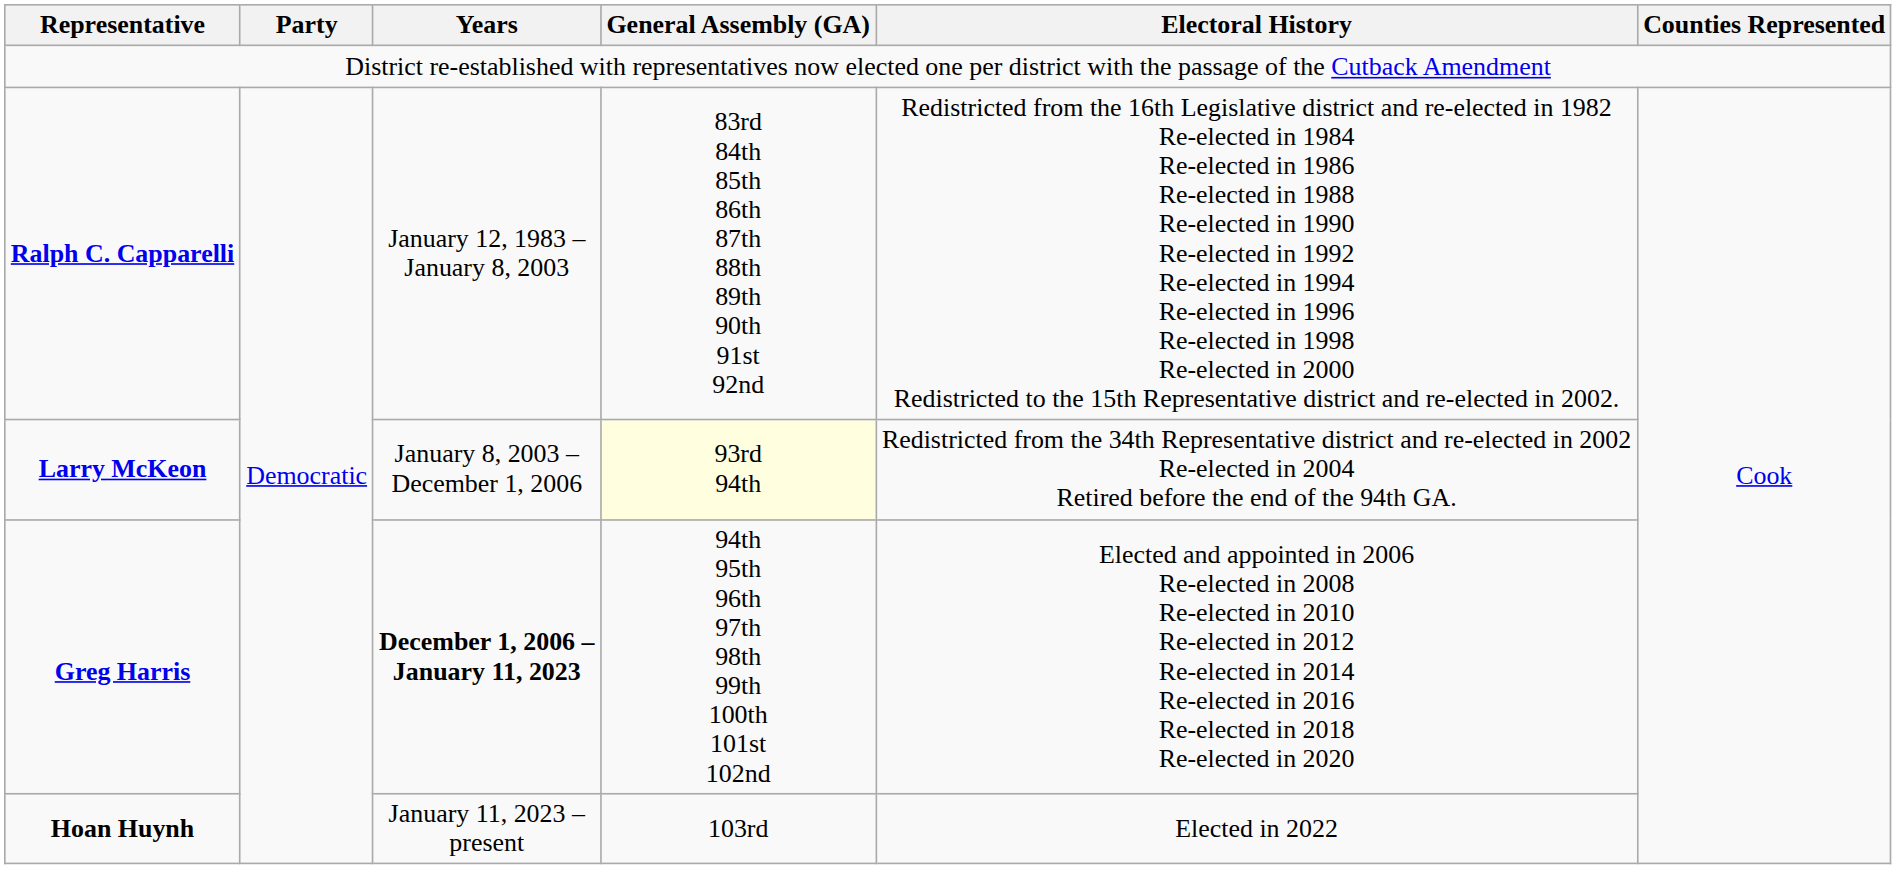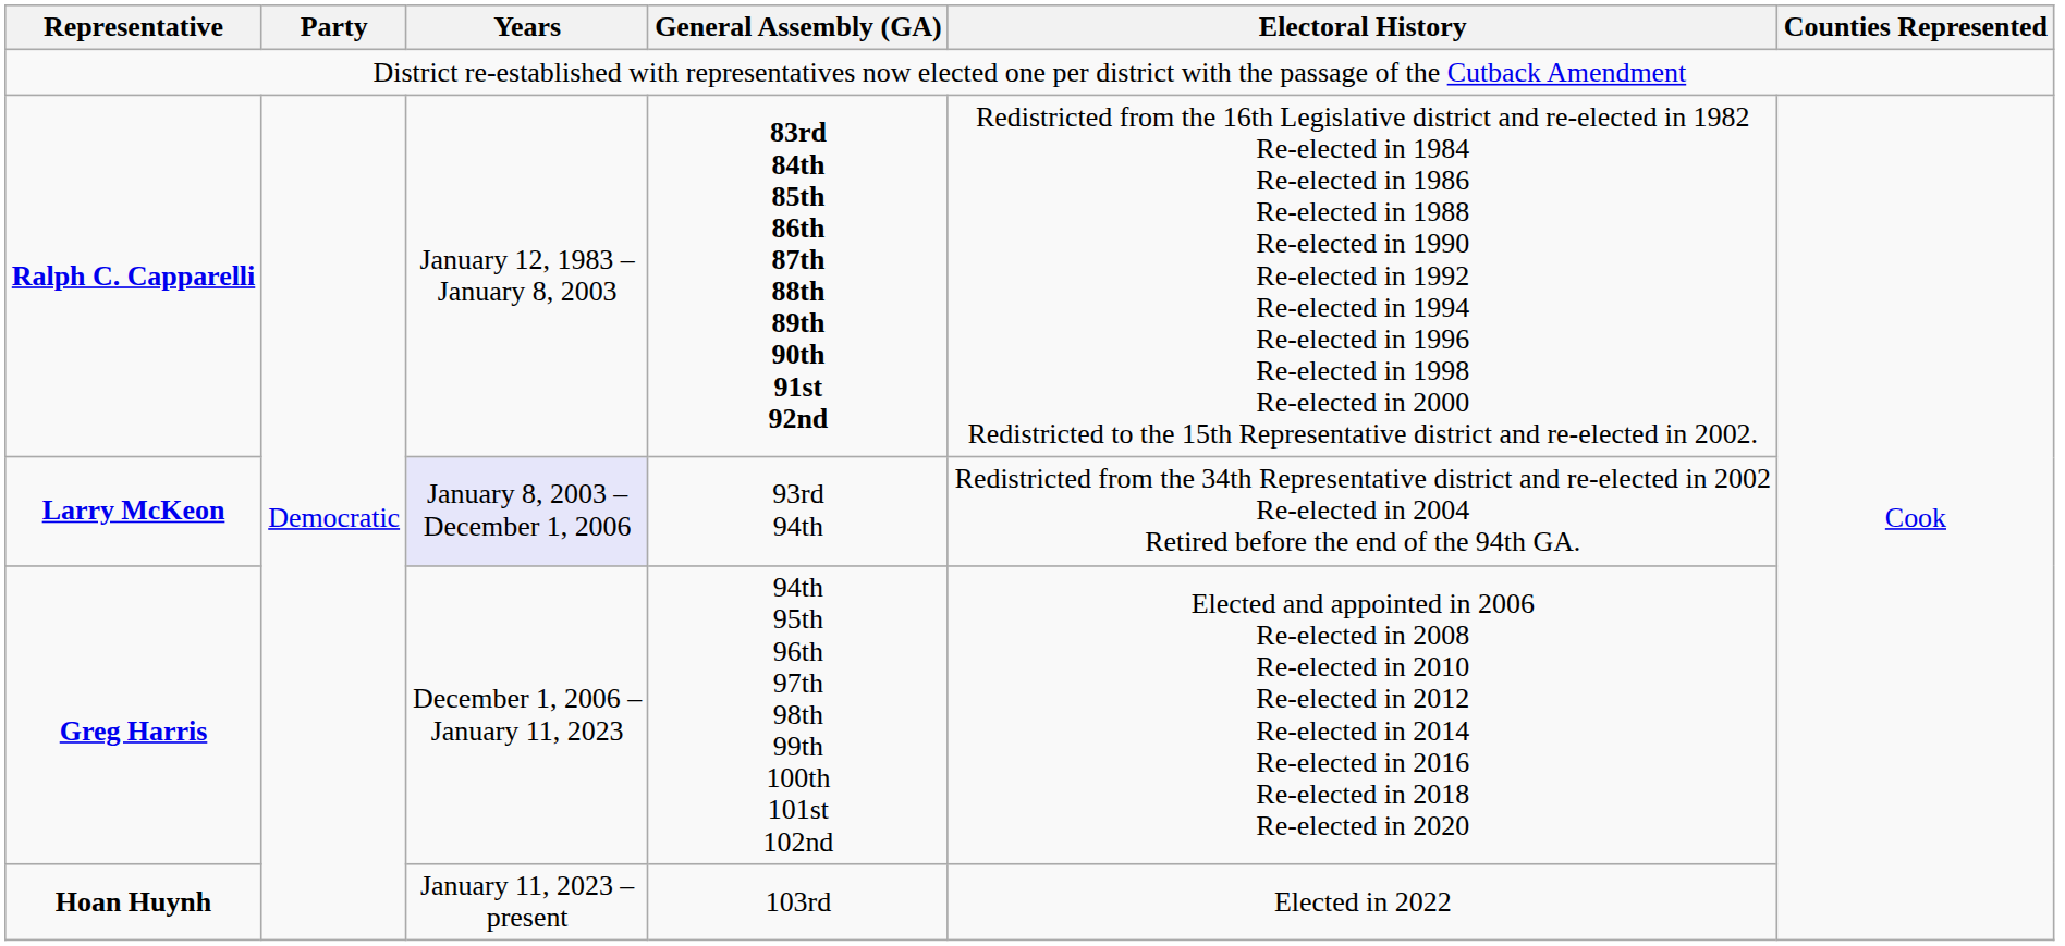 <table class="wikitable" style="text-align:center">
 <tr>
 <th>Representative</th>
 <th>Party</th>
 <th>Years</th>
 <th>General Assembly (GA)</th>
 <th>Electoral History</th>
 <th>Counties Represented</th>
 </tr>
 <tr>
 <td colspan=6>District re-established with representatives now elected one per district with the passage of the <a href='#'>Cutback Amendment</a></td>
 </tr>
 <tr>
 <td><strong><a href='#'>Ralph C. Capparelli</a></strong></td>
 <td rowspan=4 ><a href='#'>Democratic</a></td>
 <td>January 12, 1983 –<br>January 8, 2003</td>
-<td>83rd<br>84th<br>85th<br>86th<br>87th<br>88th<br>89th<br>90th<br>91st<br>92nd</td>
+<td><strong>83rd<br>84th<br>85th<br>86th<br>87th<br>88th<br>89th<br>90th<br>91st<br>92nd</strong></td>
 <td>Redistricted from the 16th Legislative district and re-elected in 1982<br>Re-elected in 1984<br>Re-elected in 1986<br>Re-elected in 1988<br>Re-elected in 1990<br>Re-elected in 1992<br>Re-elected in 1994<br>Re-elected in 1996<br>Re-elected in 1998<br>Re-elected in 2000<br>Redistricted to the 15th Representative district and re-elected in 2002.</td>
 <td rowspan=4><a href='#'>Cook</a></td>
 </tr>
 <tr>
 <td><strong><a href='#'>Larry McKeon</a></strong></td>
-<td>January 8, 2003 –<br>December 1, 2006</td>
-<td style="background: lightyellow;">93rd<br>94th</td>
+<td style="background: lavender;">January 8, 2003 –<br>December 1, 2006</td>
+<td>93rd<br>94th</td>
 <td>Redistricted from the 34th Representative district and re-elected in 2002<br>Re-elected in 2004<br>Retired before the end of the 94th GA.</td>
 </tr>
 <tr>
 <td><br><strong><a href='#'>Greg Harris</a></strong></td>
-<td><strong>December 1, 2006 –<br>January 11, 2023</strong></td>
+<td>December 1, 2006 –<br>January 11, 2023</td>
 <td>94th<br>95th<br>96th<br>97th<br>98th<br>99th<br>100th<br>101st<br>102nd</td>
 <td>Elected and appointed in 2006<br>Re-elected in 2008<br>Re-elected in 2010<br>Re-elected in 2012<br>Re-elected in 2014<br>Re-elected in 2016<br>Re-elected in 2018<br>Re-elected in 2020</td>
 </tr>
 <tr>
 <td><strong>Hoan Huynh</strong></td>
 <td>January 11, 2023 –<br>present</td>
 <td>103rd</td>
 <td>Elected in 2022</td>
 </tr>
 </table>
